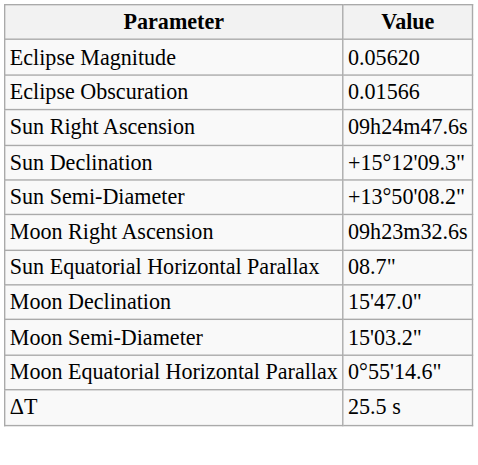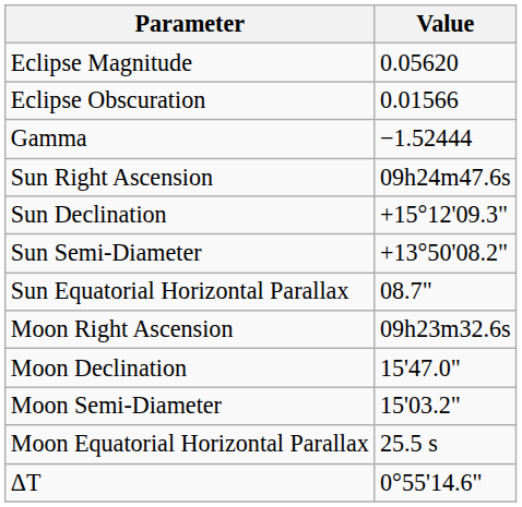 <table class="wikitable">
 <tr>
 <th>Parameter</th>
 <th>Value</th>
 </tr>
 <tr>
 <td>Eclipse Magnitude</td>
 <td>0.05620</td>
 </tr>
 <tr>
 <td>Eclipse Obscuration</td>
 <td>0.01566</td>
 </tr>
 <tr>
+<td>Gamma</td>
+<td>−1.52444</td>
+</tr>
+<tr>
 <td>Sun Right Ascension</td>
 <td>09h24m47.6s</td>
 </tr>
 <tr>
 <td>Sun Declination</td>
 <td>+15°12'09.3"</td>
 </tr>
 <tr>
 <td>Sun Semi-Diameter</td>
 <td>+13°50'08.2"</td>
 </tr>
 <tr>
+<td>Sun Equatorial Horizontal Parallax</td>
+<td>08.7"</td>
+</tr>
+<tr>
 <td>Moon Right Ascension</td>
 <td>09h23m32.6s</td>
-</tr>
-<tr>
-<td>Sun Equatorial Horizontal Parallax</td>
-<td>08.7"</td>
 </tr>
 <tr>
 <td>Moon Declination</td>
 <td>15'47.0"</td>
 </tr>
 <tr>
 <td>Moon Semi-Diameter</td>
 <td>15'03.2"</td>
 </tr>
 <tr>
 <td>Moon Equatorial Horizontal Parallax</td>
-<td>0°55'14.6"</td>
+<td>25.5 s</td>
 </tr>
 <tr>
 <td>ΔT</td>
-<td>25.5 s</td>
+<td>0°55'14.6"</td>
 </tr>
 </table>
